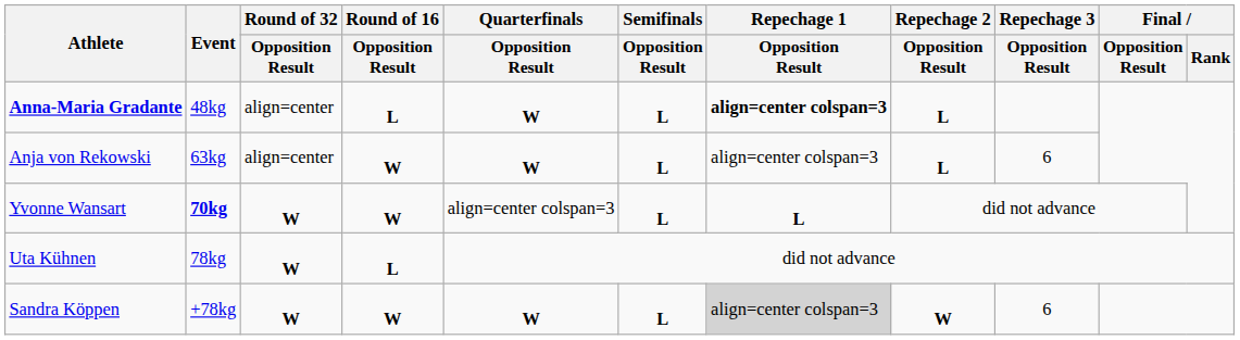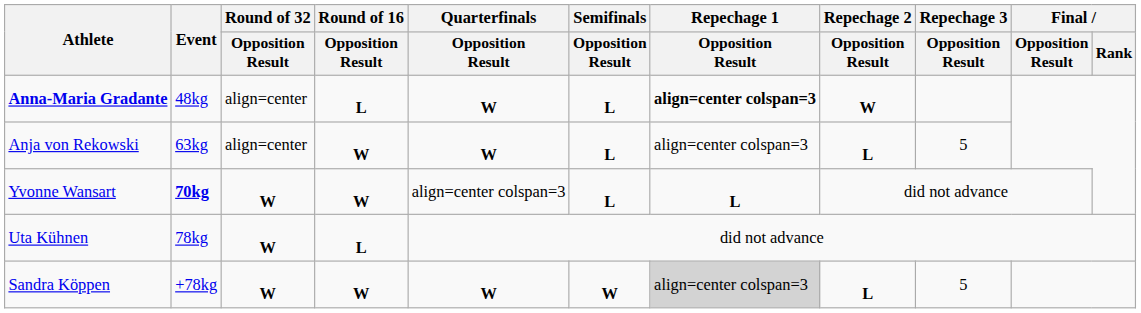 <table class="wikitable" style="font-size:90%">
 <tr>
 <th rowspan="2">Athlete</th>
 <th rowspan="2">Event</th>
 <th>Round of 32</th>
 <th>Round of 16</th>
 <th>Quarterfinals</th>
 <th>Semifinals</th>
 <th>Repechage 1</th>
 <th>Repechage 2</th>
 <th>Repechage 3</th>
 <th colspan=2>Final / </th>
 </tr>
 <tr style="font-size:95%">
 <th>Opposition<br>Result</th>
 <th>Opposition<br>Result</th>
 <th>Opposition<br>Result</th>
 <th>Opposition<br>Result</th>
 <th>Opposition<br>Result</th>
 <th>Opposition<br>Result</th>
 <th>Opposition<br>Result</th>
 <th>Opposition<br>Result</th>
 <th>Rank</th>
 </tr>
 <tr>
 <td align=left><strong><a href='#'>Anna-Maria Gradante</a></strong></td>
 <td align=left><a href='#'>48kg</a></td>
 <td>align=center </td>
 <td align=center><br><strong>L</strong></td>
 <td align=center><br><strong>W</strong></td>
 <td align=center><br><strong>L</strong></td>
 <td><strong>align=center colspan=3 </strong></td>
-<td align=center><br><strong>L</strong></td>
+<td align=center><br><strong>W</strong></td>
 <td align=center></td>
 </tr>
 <tr>
 <td align=left><a href='#'>Anja von Rekowski</a></td>
 <td align=left><a href='#'>63kg</a></td>
 <td>align=center </td>
 <td align=center><br><strong>W</strong></td>
 <td align=center><br><strong>W</strong></td>
 <td align=center><br><strong>L</strong></td>
 <td>align=center colspan=3 </td>
 <td align=center><br><strong>L</strong></td>
-<td align=center>6</td>
+<td align=center>5</td>
 </tr>
 <tr>
 <td align=left><a href='#'>Yvonne Wansart</a></td>
 <td align=left><strong><a href='#'>70kg</a></strong></td>
 <td align=center><br><strong>W</strong></td>
 <td align=center><br><strong>W</strong></td>
 <td>align=center colspan=3 </td>
 <td align=center><br><strong>L</strong></td>
 <td align=center><br><strong>L</strong></td>
 <td align=center colspan=3>did not advance</td>
 </tr>
 <tr>
 <td align=left><a href='#'>Uta Kühnen</a></td>
 <td align=left><a href='#'>78kg</a></td>
 <td align=center><br><strong>W</strong></td>
 <td align=center><br><strong>L</strong></td>
 <td align=center colspan=7>did not advance</td>
 </tr>
 <tr>
 <td align=left><a href='#'>Sandra Köppen</a></td>
 <td align=left><a href='#'>+78kg</a></td>
 <td align=center><br><strong>W</strong></td>
 <td align=center><br><strong>W</strong></td>
 <td align=center><br><strong>W</strong></td>
+<td align=center><br><strong>W</strong></td>
+<td style="background: lightgrey;">align=center colspan=3 </td>
 <td align=center><br><strong>L</strong></td>
-<td style="background: lightgrey;">align=center colspan=3 </td>
-<td align=center><br><strong>W</strong></td>
-<td align=center>6</td>
+<td align=center>5</td>
 </tr>
 </table>
